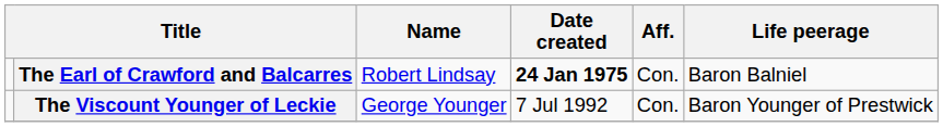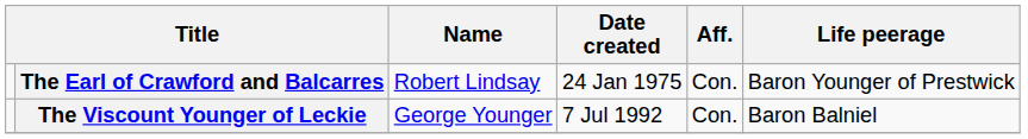 <table class="wikitable plainrowheaders sortable">
 <tr>
 <th scope="col" colspan=2>Title</th>
 <th scope="col">Name</th>
 <th scope="col" data-sort-type="date">Date<br>created</th>
 <th scope="col"><abbr>Aff.</abbr></th>
 <th scope="col">Life peerage</th>
 </tr>
 <tr>
 <td style="background-color:"></td>
 <th scope="row" data-sort-value="Crawford and Balcarres">The <a href='#'>Earl of Crawford</a> and <a href='#'>Balcarres</a></th>
 <td><a href='#'>Robert Lindsay</a></td>
-<td><strong>24 Jan 1975</strong></td>
+<td>24 Jan 1975</td>
 <td>Con.</td>
-<td>Baron Balniel </td>
+<td>Baron Younger of Prestwick </td>
 </tr>
 <tr>
 <td style="background-color:"></td>
 <th scope="row" data-sort-value="Younger of Leckie">The <a href='#'>Viscount Younger of Leckie</a></th>
 <td><a href='#'>George Younger</a></td>
 <td>7 Jul 1992</td>
 <td>Con.</td>
-<td>Baron Younger of Prestwick </td>
+<td>Baron Balniel </td>
 </tr>
 <tr>
 </tr>
 </table>
